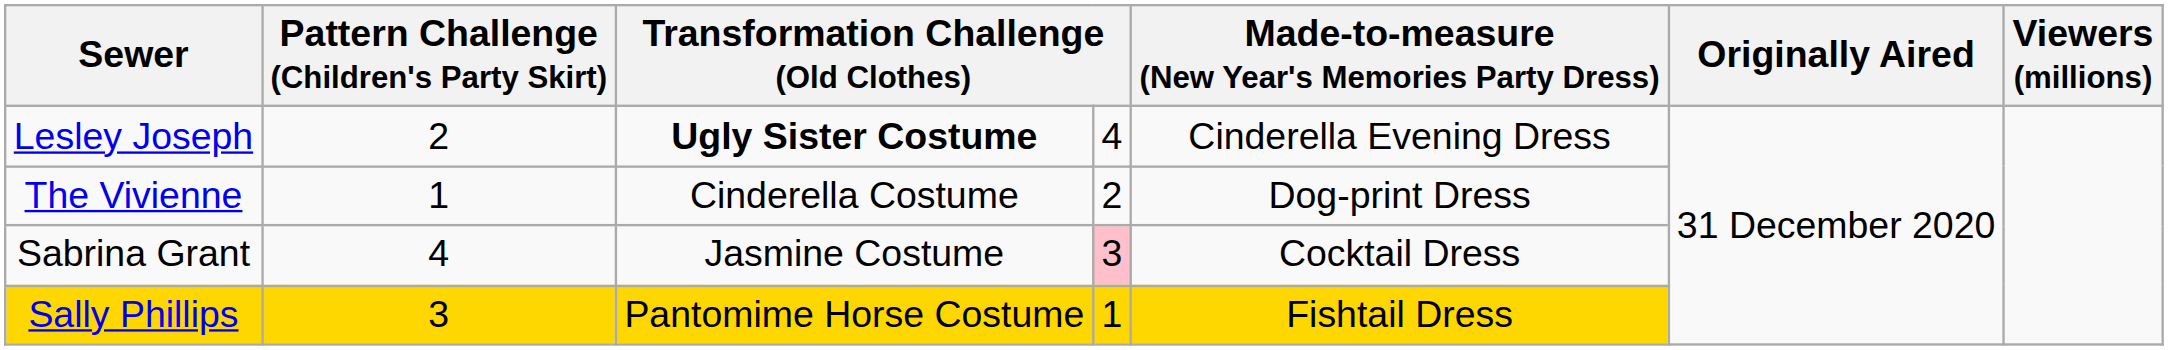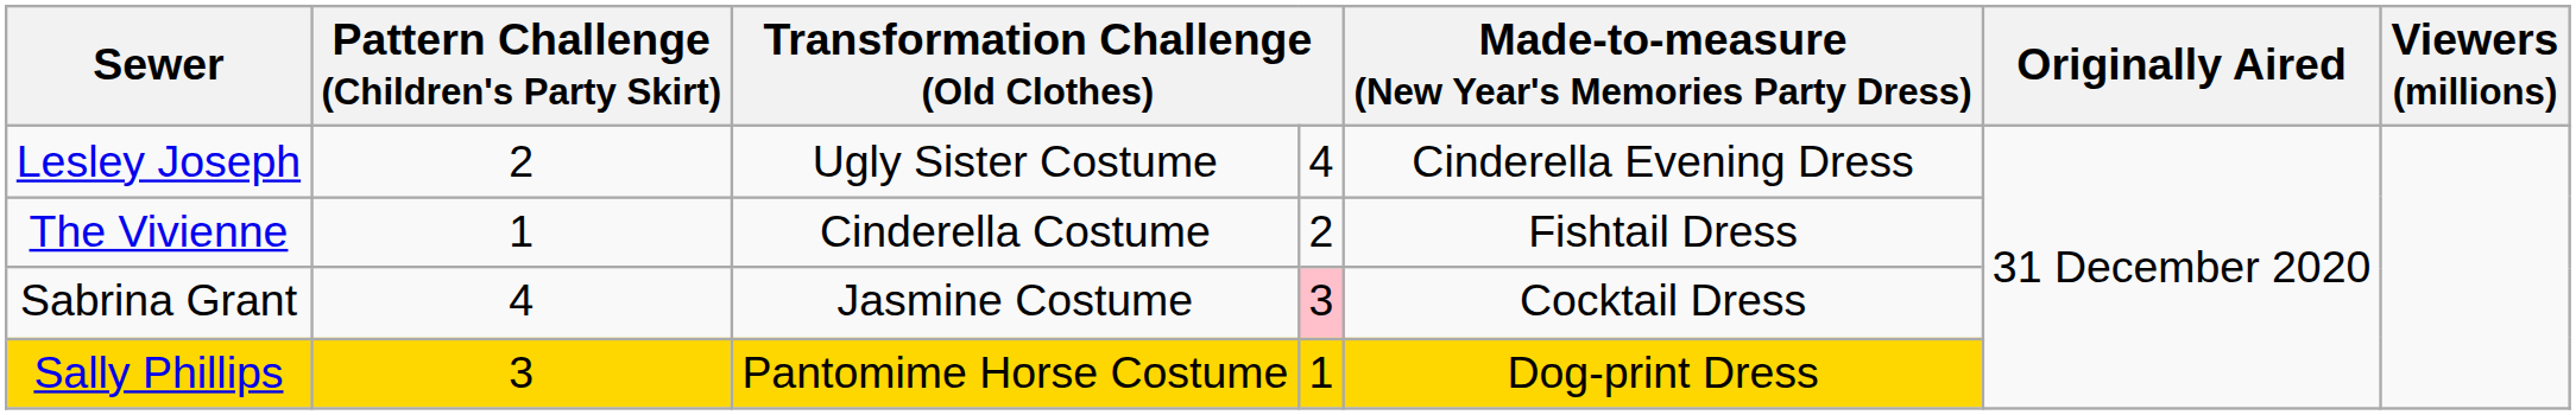 <table class="wikitable" style="text-align:center">
 <tr>
 <th>Sewer</th>
 <th>Pattern Challenge<br><small>(Children's Party Skirt)</small></th>
 <th colspan="2">Transformation Challenge<br><small>(Old Clothes)</small></th>
 <th>Made-to-measure<br><small>(New Year's Memories Party Dress)</small></th>
 <th>Originally Aired</th>
 <th>Viewers<br><small>(millions)</small></th>
 </tr>
 <tr>
 <td><a href='#'>Lesley Joseph</a></td>
 <td>2</td>
-<td><strong>Ugly Sister Costume</strong></td>
+<td>Ugly Sister Costume</td>
 <td>4</td>
 <td>Cinderella Evening Dress</td>
 <td rowspan="4">31 December 2020</td>
 <td rowspan="4"></td>
 </tr>
 <tr>
 <td><a href='#'>The Vivienne</a></td>
 <td>1</td>
 <td>Cinderella Costume</td>
 <td>2</td>
-<td>Dog-print Dress</td>
+<td>Fishtail Dress</td>
 </tr>
 <tr>
 <td>Sabrina Grant</td>
 <td>4</td>
 <td>Jasmine Costume</td>
 <td style="background: pink;">3</td>
 <td>Cocktail Dress</td>
 </tr>
 <tr style="background:Gold">
 <td><a href='#'>Sally Phillips</a></td>
 <td>3</td>
 <td>Pantomime Horse Costume</td>
 <td>1</td>
-<td>Fishtail Dress</td>
+<td>Dog-print Dress</td>
 </tr>
 </table>
